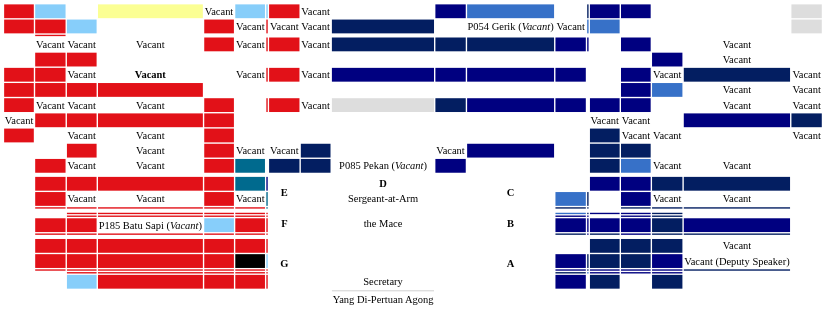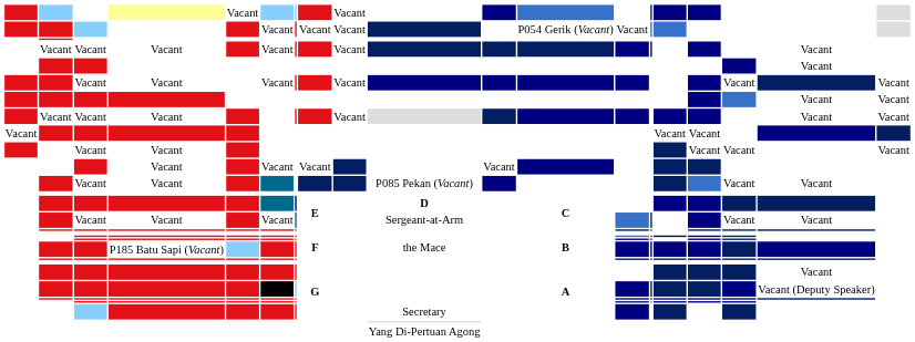 <table style="font-size:95%; text-align:center;">
 <tr>
 <td></td>
 <td style="background-color:#E21118;"></td>
 <td style="background-color:#87CEFA;"></td>
 <td></td>
 <td style="background-color:#FBFF94;"></td>
 <td>Vacant</td>
 <td style="background-color:#87CEFA;"></td>
 <td style="background-color:#87CEFA;"></td>
 <td style="background-color:#E21118;"></td>
 <td>Vacant</td>
 <td style="background-color:"></td>
 <td style="background-color:#000080;"></td>
 <td style="background-color:#3771C8;"></td>
 <td style="background-color:"></td>
 <td style="background-color:#031E61;"></td>
 <td style="background-color:#000080;"></td>
 <td style="background-color:#000080;"></td>
 <td></td>
 <td style="background-color:"></td>
 <td style="background-color:#DDDDDD;"></td>
 </tr>
 <tr>
 <td></td>
 <td style="background-color:#E21118;"></td>
 <td style="background-color:#E21118;"></td>
 <td style="background-color:#87CEFA;"></td>
 <td></td>
 <td style="background-color:#E21118;"></td>
 <td>Vacant</td>
 <td style="background-color:#E21118;"></td>
 <td>Vacant</td>
 <td>Vacant</td>
 <td style="background-color:#031E61;"></td>
 <td style="background-color:"></td>
 <td>P054 Gerik (<em>Vacant</em>)</td>
 <td>Vacant</td>
 <td style="background-color:#3771C8;"></td>
 <td style="background-color:#3771C8;"></td>
 <td></td>
 <td style="background-color:"></td>
 <td style="background-color:"></td>
 <td style="background-color:#DDDDDD;"></td>
 </tr>
 <tr>
 <td></td>
 <td></td>
 <td style="background-color:#E21118;"></td>
 <td></td>
 <td></td>
 <td></td>
 <td></td>
 <td></td>
 <td></td>
 <td></td>
 <td></td>
 <td></td>
 <td></td>
 <td></td>
 <td></td>
 <td></td>
 <td></td>
 <td></td>
 <td style="background-color:"></td>
 <td></td>
 </tr>
 <tr>
 <td></td>
 <td></td>
 <td>Vacant</td>
 <td>Vacant</td>
 <td>Vacant</td>
 <td style="background-color:#E21118;"></td>
 <td>Vacant</td>
 <td style="background-color:#E21118;"></td>
 <td style="background-color:#E21118;"></td>
 <td>Vacant</td>
 <td style="background-color:#031E61;"></td>
 <td style="background-color:#031E61;"></td>
 <td style="background-color:#031E61;"></td>
 <td style="background-color:#000080;"></td>
 <td style="background-color:#000080;"></td>
 <td style="background-color:"></td>
 <td style="background-color:#000080;"></td>
 <td style="background-color:"></td>
 <td>Vacant</td>
 <td></td>
 </tr>
 <tr>
 <td></td>
 <td></td>
 <td style="background-color:#E21118;"></td>
 <td style="background-color:#E21118;"></td>
 <td></td>
 <td></td>
 <td></td>
 <td></td>
 <td></td>
 <td></td>
 <td></td>
 <td></td>
 <td></td>
 <td></td>
 <td></td>
 <td></td>
 <td></td>
 <td Style="background-color:#000080;"></td>
 <td>Vacant</td>
 <td></td>
 </tr>
 <tr>
 <td></td>
 <td style="background-color:#E21118;"></td>
 <td style="background-color:#E21118;"></td>
 <td>Vacant</td>
-<td><strong>Vacant</strong></td>
+<td>Vacant</td>
 <td></td>
 <td>Vacant</td>
 <td style="background-color:#E21118;"></td>
 <td style="background-color:#E21118;"></td>
 <td>Vacant</td>
 <td style="background-color:#000080;"></td>
 <td style="background-color:#000080;"></td>
 <td style="background-color:#000080;"></td>
 <td style="background-color:#000080;"></td>
 <td style="background-color:"></td>
 <td></td>
 <td bgcolor="#000080"></td>
 <td>Vacant</td>
 <td style="background-color:#031E61;"></td>
 <td>Vacant</td>
 </tr>
 <tr>
 <td></td>
 <td style="background-color:#E21118;"></td>
 <td style="background-color:#E21118;"></td>
 <td style="background-color:#E21118;"></td>
 <td style="background-color:#E21118;"></td>
 <td></td>
 <td></td>
 <td></td>
 <td></td>
 <td></td>
 <td></td>
 <td></td>
 <td></td>
 <td></td>
 <td></td>
 <td></td>
 <td style="background-color:#000080;"></td>
 <td style="background-color:#3771C8;"></td>
 <td>Vacant</td>
 <td>Vacant</td>
 </tr>
 <tr>
 <td></td>
 <td style="background-color:#E21118;"></td>
 <td>Vacant</td>
 <td>Vacant</td>
 <td>Vacant</td>
 <td style="background-color:#E21118;"></td>
 <td></td>
 <td style="background-color:#E21118;"></td>
 <td style="background-color:#E21118;"></td>
 <td>Vacant</td>
 <td style="background-color:#DDDDDD;"></td>
 <td style="background-color:#031E61;"></td>
 <td style="background-color:#000080;"></td>
 <td style="background-color:#000080;"></td>
 <td></td>
 <td style="background-color:#000080;"></td>
 <td style="background-color:#000080;"></td>
 <td style="background-color:"></td>
 <td>Vacant</td>
 <td>Vacant</td>
 </tr>
 <tr>
 <td></td>
 <td>Vacant</td>
 <td style="background-color:#E21118;"></td>
 <td style="background-color:#E21118;"></td>
 <td style="background-color:#E21118;"></td>
 <td style="background-color:#E21118;"></td>
 <td></td>
 <td></td>
 <td></td>
 <td></td>
 <td></td>
 <td></td>
 <td></td>
 <td></td>
 <td></td>
 <td>Vacant</td>
 <td>Vacant</td>
 <td style="background-color:"></td>
 <td style="background-color:#000080;"></td>
 <td style="background-color:#031E61;"></td>
 </tr>
 <tr>
 <td></td>
 <td style="background-color:#E21118;"></td>
 <td></td>
 <td>Vacant</td>
 <td>Vacant</td>
 <td style="background-color:#E21118;"></td>
 <td></td>
 <td></td>
 <td></td>
 <td></td>
 <td></td>
 <td></td>
 <td></td>
 <td></td>
 <td></td>
 <td style="background-color:#031E61;"></td>
 <td>Vacant</td>
 <td>Vacant</td>
 <td></td>
 <td>Vacant</td>
 </tr>
 <tr>
 <td></td>
 <td></td>
 <td></td>
 <td style="background-color:#E21118;"></td>
 <td>Vacant</td>
 <td style="background-color:#E21118;"></td>
 <td>Vacant</td>
 <td></td>
 <td>Vacant</td>
 <td style="background-color:#031E61;"></td>
 <td style="background-color:"></td>
 <td>Vacant</td>
 <td style="background-color:#000080;"></td>
 <td></td>
 <td style="background-color:"></td>
 <td style="background-color:#031E61;"></td>
 <td style="background-color:#031E61;"></td>
 <td style="background-color:"></td>
 </tr>
 <tr>
 <td></td>
 <td></td>
 <td style="background-color:#E21118;"></td>
 <td>Vacant</td>
 <td>Vacant</td>
 <td style="background-color:#E21118;"></td>
 <td style="background-color:#006A8E;"></td>
 <td></td>
 <td style="background-color:#031E61;"></td>
 <td style="background-color:#031E61;"></td>
 <td>P085 Pekan (<em>Vacant</em>)</td>
 <td style="background-color:#000080;"></td>
 <td></td>
 <td></td>
 <td style="background-color:"></td>
 <td style="background-color:#031E61;"></td>
 <td style="background-color:#3771C8;"></td>
 <td>Vacant</td>
 <td>Vacant</td>
 </tr>
 <tr>
 <td colspan=19></td>
 </tr>
 <tr>
 <td></td>
 <td></td>
 <td style="background-color:#E21118;"></td>
 <td style="background-color:#E21118;"></td>
 <td style="background-color:#E21118;"></td>
 <td style="background-color:#E21118;"></td>
 <td style="background-color:#006A8E;"></td>
 <td style="background-color:#000080;"></td>
 <td rowspan="3"><strong>E</strong></td>
 <td></td>
 <td><strong>D</strong></td>
 <td></td>
 <td rowspan=3><strong>C</strong></td>
 <td style="background-color:"></td>
 <td style="background-color:"></td>
 <td style="background-color:#000080;"></td>
 <td style="background-color:#000080;"></td>
 <td style="background-color:#031E61;"></td>
 <td style="background-color:#031E61;"></td>
 <td></td>
 <td></td>
 </tr>
 <tr>
 <td></td>
 <td></td>
 <td style="background-color:#E21118;"></td>
 <td>Vacant</td>
 <td>Vacant</td>
 <td style="background-color:#E21118;"></td>
 <td>Vacant</td>
 <td style="background-color:#006A8E;"></td>
 <td></td>
 <td>Sergeant-at-Arm</td>
 <td></td>
 <td style="background-color:#3771C8;"></td>
 <td style="background-color:#031E61;"></td>
 <td style="background-color:"></td>
 <td style="background-color:#000080;"></td>
 <td>Vacant</td>
 <td>Vacant</td>
 <td></td>
 <td></td>
 </tr>
 <tr>
 <td></td>
 <td></td>
 <td style="background-color:#E21118;"></td>
 <td style="background-color:#E21118;"></td>
 <td style="background-color:#E21118;"></td>
 <td style="background-color:#E21118;"></td>
 <td style="background-color:#E21118;"></td>
 <td style="background-color:#006A8E;"></td>
 <td></td>
 <td></td>
 <td></td>
 <td style="background-color:#031E61;"></td>
 <td style="background-color:#031E61;"></td>
 <td style="background-color:"></td>
 <td style="background-color:#031E61;"></td>
 <td style="background-color:#031E61;"></td>
 <td style="background-color:#031E61;"></td>
 <td></td>
 <td></td>
 </tr>
 <tr>
 <td colspan=19></td>
 </tr>
 <tr>
 <td></td>
 <td></td>
 <td></td>
 <td style="background-color:#E21118;"></td>
 <td style="background-color:#E21118;"></td>
 <td style="background-color:#E21118;"></td>
 <td style="background-color:#E21118;"></td>
 <td style="background-color:#E21118;"></td>
 <td rowspan="4"><strong>F</strong></td>
 <td></td>
 <td rowspan=4>the Mace</td>
 <td></td>
 <td rowspan=4><strong>B</strong></td>
 <td style="background-color:#3771C8;"></td>
 <td style="background-color:#031E61;"></td>
 <td style="background-color:#000080;"></td>
 <td style="background-color:#000080;"></td>
 <td style="background-color:#031E61;"></td>
 <td></td>
 <td></td>
 </tr>
 <tr>
 <td></td>
 <td></td>
 <td></td>
 <td style="background-color:#E21118;"></td>
 <td style="background-color:#E21118;"></td>
 <td style="background-color:#E21118;"></td>
 <td style="background-color:#E21118;"></td>
 <td style="background-color:#E21118;"></td>
 <td></td>
 <td></td>
 <td style="background-color:#000080;"></td>
 <td style="background-color:#000080;"></td>
 <td style="background-color:"></td>
 <td style="background-color:#000080;"></td>
 <td style="background-color:#031E61;"></td>
 <td></td>
 <td></td>
 </tr>
 <tr>
 <td></td>
 <td></td>
 <td style="background-color:#E21118;"></td>
 <td style="background-color:#E21118;"></td>
 <td>P185 Batu Sapi (<em>Vacant</em>)</td>
 <td style="background-color:#87CEFA;"></td>
 <td style="background-color:#E21118;"></td>
 <td style="background-color:#E21118;"></td>
 <td></td>
 <td></td>
 <td style="background-color:#000080;"></td>
 <td style="background-color:#000080;"></td>
 <td style="background-color:#000080;"></td>
 <td style="background-color:#000080;"></td>
 <td style="background-color:#031E61;"></td>
 <td style="background-color:#000080;"></td>
 <td></td>
 <td></td>
 </tr>
 <tr>
 <td></td>
 <td></td>
 <td style="background-color:#E21118;"></td>
 <td style="background-color:#E21118;"></td>
 <td style="background-color:#E21118;"></td>
 <td style="background-color:#E21118;"></td>
 <td style="background-color:#E21118;"></td>
 <td style="background-color:#E21118;"></td>
 <td></td>
 <td></td>
 <td style="background-color:#031E61;"></td>
 <td style="background-color:#000080;"></td>
 <td style="background-color:#031E61;"></td>
 <td style="background-color:#000080;"></td>
 <td style="background-color:#031E61;"></td>
 <td style="background-color:#031E61;"></td>
 <td></td>
 <td></td>
 </tr>
 <tr>
 <td colspan=19></td>
 </tr>
 <tr>
 <td></td>
 <td></td>
 <td style="background-color:#E21118;"></td>
 <td style="background-color:#E21118;"></td>
 <td style="background-color:#E21118;"></td>
 <td style="background-color:#E21118;"></td>
 <td style="background-color:#E21118;"></td>
 <td style="background-color:#E21118;"></td>
 <td rowspan="5"><strong>G</strong></td>
 <td></td>
 <td></td>
 <td></td>
 <td rowspan=5><strong>A</strong></td>
 <td style="background-color:"></td>
 <td style="background-color:"></td>
 <td style="background-color:#031E61;"></td>
 <td style="background-color:#031E61;"></td>
 <td style="background-color:#031E61;"></td>
 <td>Vacant</td>
 <td></td>
 <td></td>
 </tr>
 <tr>
 <td></td>
 <td></td>
 <td style="background-color:#E21118;"></td>
 <td style="background-color:#E21118;"></td>
 <td style="background-color:#E21118;"></td>
 <td style="background-color:#E21118;"></td>
 <td style="background-color:#000000;"></td>
 <td style="background-color:#87CEFA;"></td>
 <td></td>
 <td></td>
 <td></td>
 <td style="background-color:#000080;"></td>
 <td style="background-color:#031E61;"></td>
 <td style="background-color:#031E61;"></td>
 <td style="background-color:#031E61;"></td>
 <td style="background-color:#000080;"></td>
 <td>Vacant (Deputy Speaker)</td>
 <td></td>
 <td></td>
 </tr>
 <tr>
 <td></td>
 <td></td>
 <td style="background-color:#E21118;"></td>
 <td style="background-color:#E21118;"></td>
 <td style="background-color:#E21118;"></td>
 <td style="background-color:#E21118;"></td>
 <td style="background-color:#E21118;"></td>
 <td style="background-color:#E21118;"></td>
 <td></td>
 <td></td>
 <td></td>
 <td style="background-color:#000080;"></td>
 <td style="background-color:#031E61;"></td>
 <td style="background-color:#000080;"></td>
 <td style="background-color:#000080;"></td>
 <td style="background-color:#000080;"></td>
 <td style="background-color:#031E61;"></td>
 <td></td>
 <td></td>
 </tr>
 <tr>
 <td></td>
 <td></td>
 <td></td>
 <td style="background-color:#E21118;"></td>
 <td style="background-color:#E21118;"></td>
 <td style="background-color:#E21118;"></td>
 <td style="background-color:#E21118;"></td>
 <td style="background-color:#E21118;"></td>
 <td></td>
 <td></td>
 <td></td>
 <td style="background-color:#031E61;"></td>
 <td style="background-color:#3771C8;"></td>
 <td style="background-color:#000080;"></td>
 <td style="background-color:#000080;"></td>
 <td style="background-color:#000080;"></td>
 <td></td>
 <td></td>
 </tr>
 <tr>
 <td></td>
 <td></td>
 <td></td>
 <td style="background-color:#87CEFA;"></td>
 <td style="background-color:#E21118;"></td>
 <td style="background-color:#E21118;"></td>
 <td style="background-color:#E21118;"></td>
 <td style="background-color:#E21118;"></td>
 <td></td>
 <td>Secretary</td>
 <td></td>
 <td style="background-color:#000080;"></td>
 <td style="background-color:"></td>
 <td style="background-color:#031E61;"></td>
 <td style="background-color:"></td>
 <td style="background-color:#031E61;"></td>
 <td></td>
 <td></td>
 </tr>
 <tr>
 <td colspan=10></td>
 <td style="background-color:#DDDDDD;"></td>
 <td colspan=9></td>
 </tr>
 <tr>
 <td colspan=10></td>
 <td>Yang Di-Pertuan Agong</td>
 <td colspan=9></td>
 </tr>
 </table>
